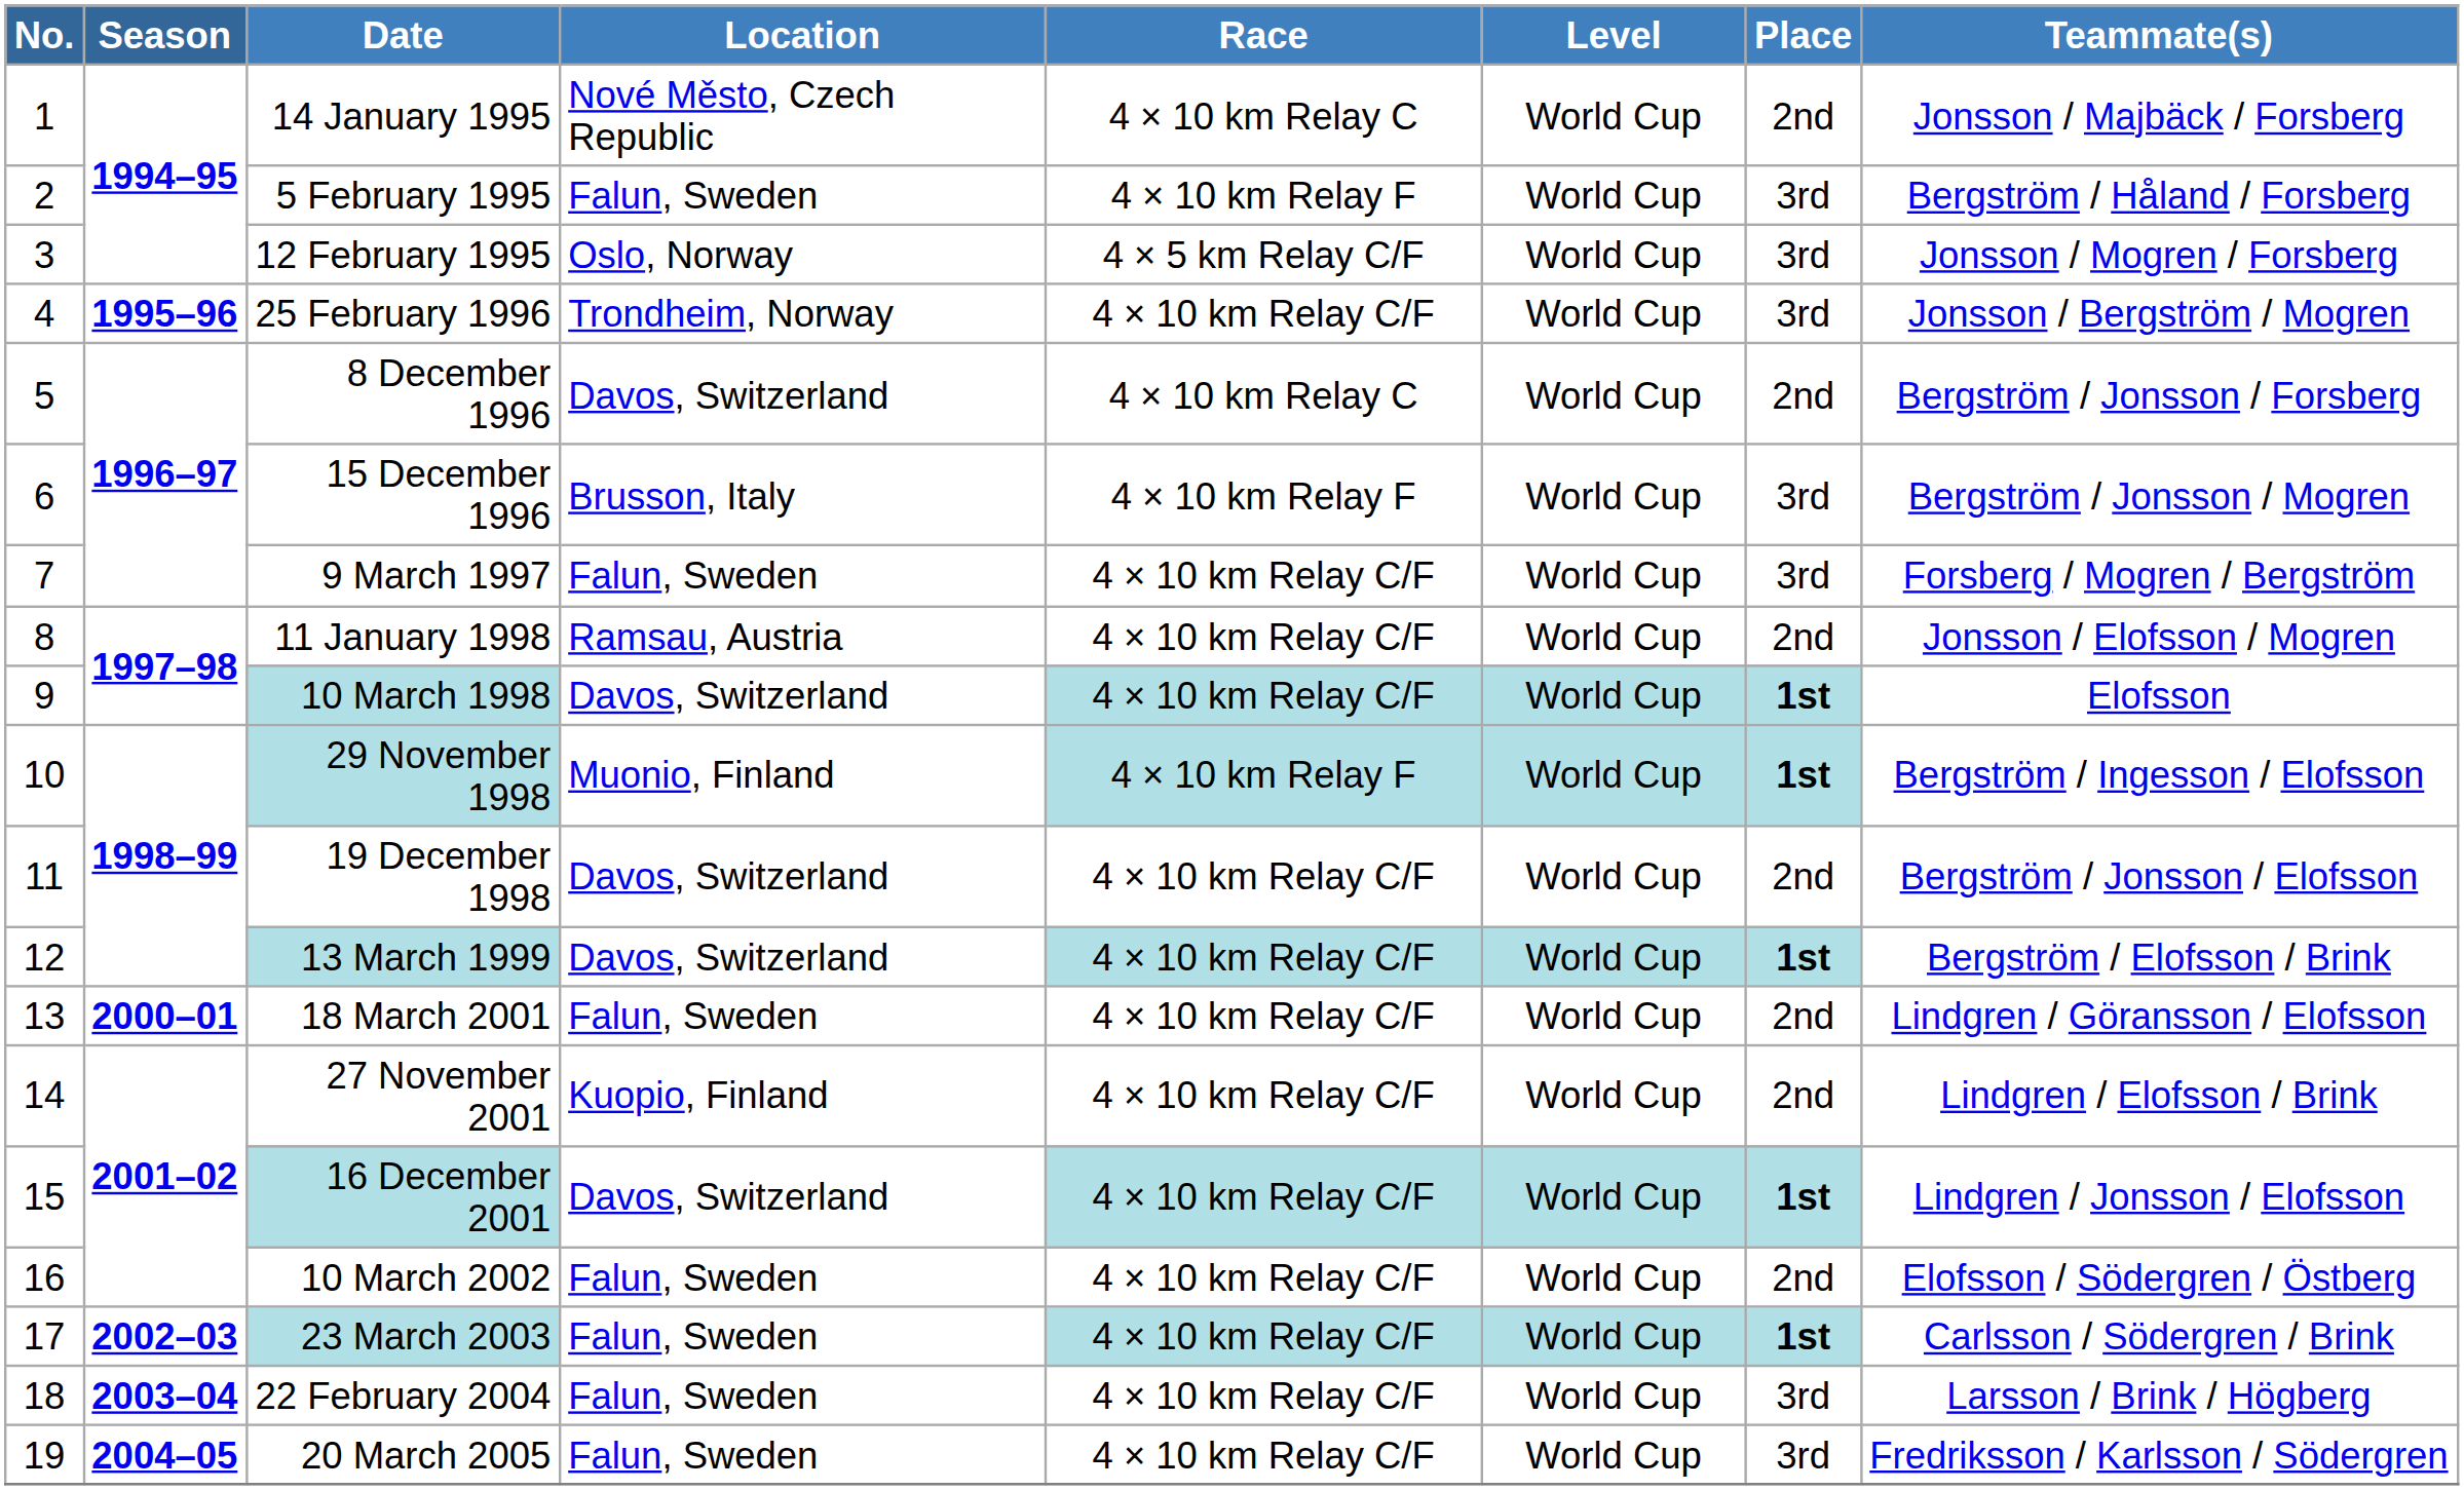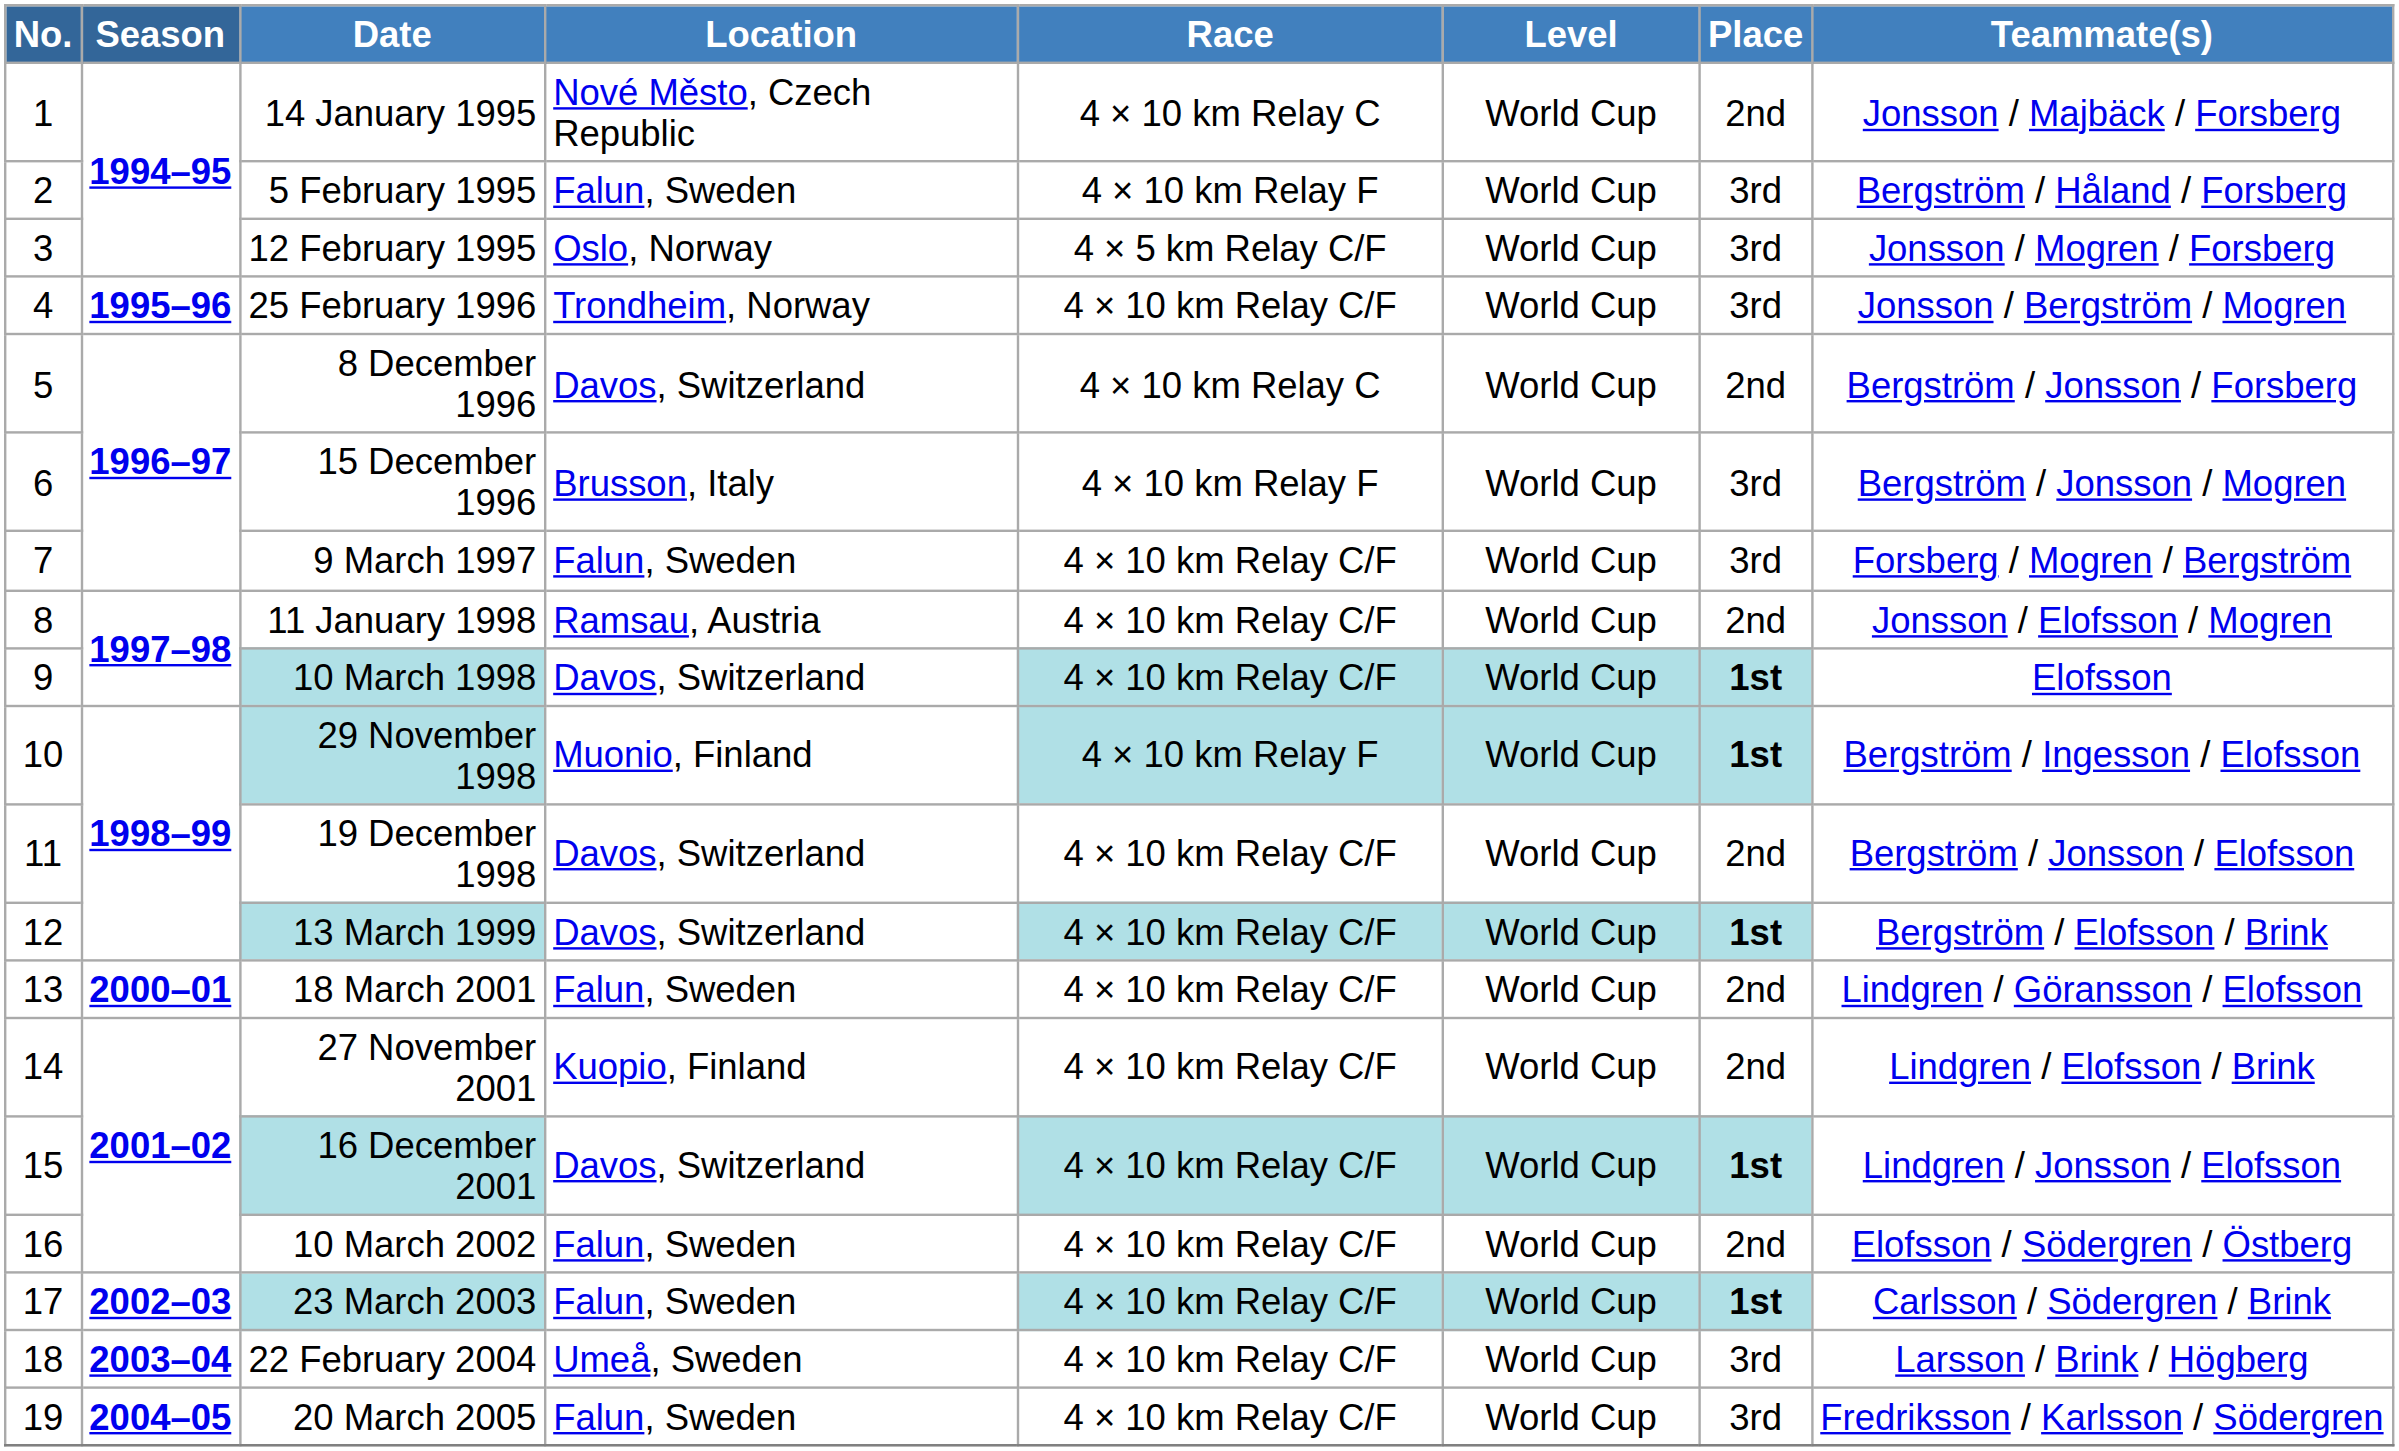 <table class="wikitable sortable" style="font-size:95%; text-align:center; border:grey solid 1px; border-collapse:collapse; background:#ffffff;">
 <tr style="background:#efefef;">
 <th style="background-color:#369; color:white;">No.</th>
 <th style="background-color:#369; color:white;">Season</th>
 <th style="background-color:#4180be; color:white; width:120px;">Date</th>
 <th style="background-color:#4180be; color:white; width:190px;">Location</th>
 <th style="background-color:#4180be; color:white; width:170px;">Race</th>
 <th style="background-color:#4180be; color:white; width:100px;">Level</th>
 <th style="background-color:#4180be; color:white;">Place</th>
 <th style="background-color:#4180be; color:white;">Teammate(s)</th>
 </tr>
 <tr>
 <td align=center>1</td>
 <td rowspan=3 align=center><strong><a href='#'>1994–95</a></strong></td>
 <td align=right>14 January 1995</td>
 <td align=left> <a href='#'>Nové Město</a>, Czech Republic</td>
 <td>4 × 10 km Relay C</td>
 <td>World Cup</td>
 <td>2nd</td>
 <td><a href='#'>Jonsson</a> / <a href='#'>Majbäck</a> / <a href='#'>Forsberg</a></td>
 </tr>
 <tr>
 <td align=center>2</td>
 <td align=right>5 February 1995</td>
 <td align=left> <a href='#'>Falun</a>, Sweden</td>
 <td>4 × 10 km Relay F</td>
 <td>World Cup</td>
 <td>3rd</td>
 <td><a href='#'>Bergström</a> / <a href='#'>Håland</a> / <a href='#'>Forsberg</a></td>
 </tr>
 <tr>
 <td align=center>3</td>
 <td align=right>12 February 1995</td>
 <td align=left> <a href='#'>Oslo</a>, Norway</td>
 <td>4 × 5 km Relay C/F</td>
 <td>World Cup</td>
 <td>3rd</td>
 <td><a href='#'>Jonsson</a> / <a href='#'>Mogren</a> / <a href='#'>Forsberg</a></td>
 </tr>
 <tr>
 <td align=center>4</td>
 <td rowspan=1 align=center><strong><a href='#'>1995–96</a></strong></td>
 <td align=right>25 February 1996</td>
 <td align=left> <a href='#'>Trondheim</a>, Norway</td>
 <td>4 × 10 km Relay C/F</td>
 <td>World Cup</td>
 <td>3rd</td>
 <td><a href='#'>Jonsson</a> / <a href='#'>Bergström</a> / <a href='#'>Mogren</a></td>
 </tr>
 <tr>
 <td align=center>5</td>
 <td rowspan=3 align=center><strong><a href='#'>1996–97</a></strong></td>
 <td align=right>8 December 1996</td>
 <td align=left> <a href='#'>Davos</a>, Switzerland</td>
 <td>4 × 10 km Relay C</td>
 <td>World Cup</td>
 <td>2nd</td>
 <td><a href='#'>Bergström</a> / <a href='#'>Jonsson</a> / <a href='#'>Forsberg</a></td>
 </tr>
 <tr>
 <td align=center>6</td>
 <td align=right>15 December 1996</td>
 <td align=left> <a href='#'>Brusson</a>, Italy</td>
 <td>4 × 10 km Relay F</td>
 <td>World Cup</td>
 <td>3rd</td>
 <td><a href='#'>Bergström</a> / <a href='#'>Jonsson</a> / <a href='#'>Mogren</a></td>
 </tr>
 <tr>
 <td align=center>7</td>
 <td align=right>9 March 1997</td>
 <td align=left> <a href='#'>Falun</a>, Sweden</td>
 <td>4 × 10 km Relay C/F</td>
 <td>World Cup</td>
 <td>3rd</td>
 <td><a href='#'>Forsberg</a> /  <a href='#'>Mogren</a> / <a href='#'>Bergström</a></td>
 </tr>
 <tr>
 <td align=center>8</td>
 <td rowspan=2 align=center><strong><a href='#'>1997–98</a></strong></td>
 <td align=right>11 January 1998</td>
 <td align=left> <a href='#'>Ramsau</a>, Austria</td>
 <td>4 × 10 km Relay C/F</td>
 <td>World Cup</td>
 <td>2nd</td>
 <td><a href='#'>Jonsson</a> / <a href='#'>Elofsson</a> / <a href='#'>Mogren</a></td>
 </tr>
 <tr>
 <td align=center>9</td>
 <td bgcolor="#BOEOE6" align=right>10 March 1998</td>
 <td align=left> <a href='#'>Davos</a>, Switzerland</td>
 <td bgcolor="#BOEOE6">4 × 10 km Relay C/F</td>
 <td bgcolor="#BOEOE6">World Cup</td>
 <td bgcolor="#BOEOE6"><strong>1st</strong></td>
 <td><a href='#'>Elofsson</a></td>
 </tr>
 <tr>
 <td align=center>10</td>
 <td rowspan=3 align=center><strong><a href='#'>1998–99</a></strong></td>
 <td bgcolor="#BOEOE6" align=right>29 November 1998</td>
 <td align=left> <a href='#'>Muonio</a>, Finland</td>
 <td bgcolor="#BOEOE6">4 × 10 km Relay F</td>
 <td bgcolor="#BOEOE6">World Cup</td>
 <td bgcolor="#BOEOE6"><strong>1st</strong></td>
 <td><a href='#'>Bergström</a> / <a href='#'>Ingesson</a> / <a href='#'>Elofsson</a></td>
 </tr>
 <tr>
 <td align=center>11</td>
 <td align=right>19 December 1998</td>
 <td align=left> <a href='#'>Davos</a>, Switzerland</td>
 <td>4 × 10 km Relay C/F</td>
 <td>World Cup</td>
 <td>2nd</td>
 <td><a href='#'>Bergström</a> / <a href='#'>Jonsson</a> / <a href='#'>Elofsson</a></td>
 </tr>
 <tr>
 <td align=center>12</td>
 <td bgcolor="#BOEOE6" align=right>13 March 1999</td>
 <td align=left> <a href='#'>Davos</a>, Switzerland</td>
 <td bgcolor="#BOEOE6" align=center>4 × 10 km Relay C/F</td>
 <td bgcolor="#BOEOE6">World Cup</td>
 <td bgcolor="#BOEOE6"><strong>1st</strong></td>
 <td><a href='#'>Bergström</a> / <a href='#'>Elofsson</a> / <a href='#'>Brink</a></td>
 </tr>
 <tr>
 <td align=center>13</td>
 <td rowspan=1 align=center><strong><a href='#'>2000–01</a></strong></td>
 <td align=right>18 March 2001</td>
 <td align=left> <a href='#'>Falun</a>, Sweden</td>
 <td>4 × 10 km Relay C/F</td>
 <td>World Cup</td>
 <td>2nd</td>
 <td><a href='#'>Lindgren</a> / <a href='#'>Göransson</a> / <a href='#'>Elofsson</a></td>
 </tr>
 <tr>
 <td align=center>14</td>
 <td rowspan=3 align=center><strong><a href='#'>2001–02</a></strong></td>
 <td align=right>27 November 2001</td>
 <td align=left> <a href='#'>Kuopio</a>, Finland</td>
 <td>4 × 10 km Relay C/F</td>
 <td>World Cup</td>
 <td>2nd</td>
 <td><a href='#'>Lindgren</a> / <a href='#'>Elofsson</a> / <a href='#'>Brink</a></td>
 </tr>
 <tr>
 <td align=center>15</td>
 <td bgcolor="#BOEOE6" align=right>16 December 2001</td>
 <td align=left> <a href='#'>Davos</a>, Switzerland</td>
 <td bgcolor="#BOEOE6" align=center>4 × 10 km Relay C/F</td>
 <td bgcolor="#BOEOE6">World Cup</td>
 <td bgcolor="#BOEOE6"><strong>1st</strong></td>
 <td><a href='#'>Lindgren</a> / <a href='#'>Jonsson</a> / <a href='#'>Elofsson</a></td>
 </tr>
 <tr>
 <td align=center>16</td>
 <td align=right>10 March 2002</td>
 <td align=left> <a href='#'>Falun</a>, Sweden</td>
 <td>4 × 10 km Relay C/F</td>
 <td>World Cup</td>
 <td>2nd</td>
 <td><a href='#'>Elofsson</a> / <a href='#'>Södergren</a> / <a href='#'>Östberg</a></td>
 </tr>
 <tr>
 <td align=center>17</td>
 <td rowspan=1 align=center><strong><a href='#'>2002–03</a></strong></td>
 <td bgcolor="#BOEOE6" align=right>23 March 2003</td>
 <td align=left> <a href='#'>Falun</a>, Sweden</td>
 <td bgcolor="#BOEOE6">4 × 10 km Relay C/F</td>
 <td bgcolor="#BOEOE6">World Cup</td>
 <td bgcolor="#BOEOE6"><strong>1st</strong></td>
 <td><a href='#'>Carlsson</a> / <a href='#'>Södergren</a> / <a href='#'>Brink</a></td>
 </tr>
 <tr>
 <td align=center>18</td>
 <td rowspan=1 align=center><strong><a href='#'>2003–04</a></strong></td>
 <td align=right>22 February 2004</td>
-<td align=left> <a href='#'>Falun</a>, Sweden</td>
+<td align=left> <a href='#'>Umeå</a>, Sweden</td>
 <td>4 × 10 km Relay C/F</td>
 <td>World Cup</td>
 <td>3rd</td>
 <td><a href='#'>Larsson</a> / <a href='#'>Brink</a> / <a href='#'>Högberg</a></td>
 </tr>
 <tr>
 <td align=center>19</td>
 <td rowspan=1 align=center><strong><a href='#'>2004–05</a></strong></td>
 <td align=right>20 March 2005</td>
 <td align=left> <a href='#'>Falun</a>, Sweden</td>
 <td>4 × 10 km Relay C/F</td>
 <td>World Cup</td>
 <td>3rd</td>
 <td><a href='#'>Fredriksson</a> / <a href='#'>Karlsson</a> / <a href='#'>Södergren</a></td>
 </tr>
 <tr>
 </tr>
 </table>
